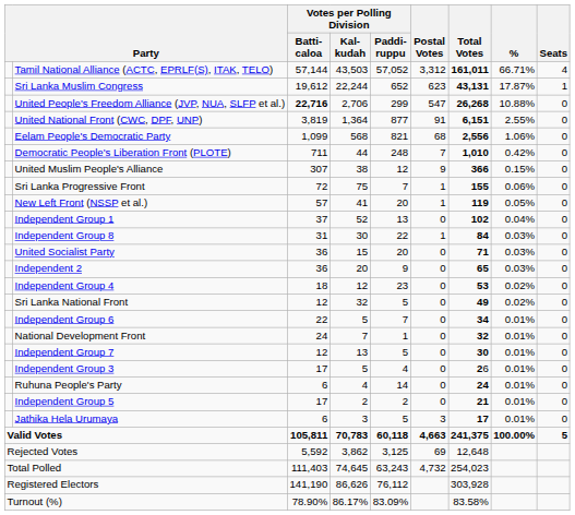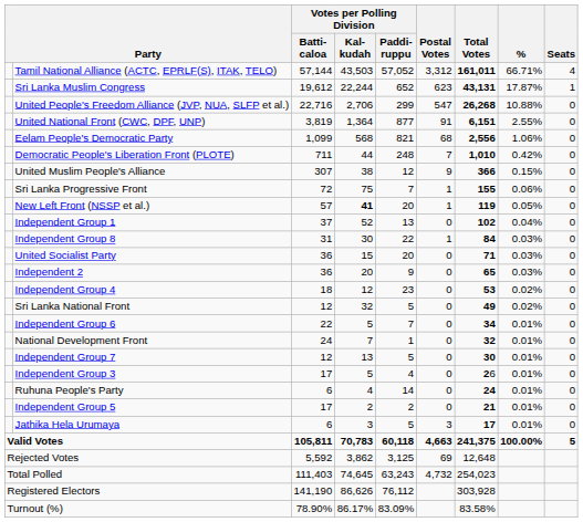 <table class="wikitable" border="1" style="text-align:right;">
 <tr>
 <th align=left valign=bottom rowspan=2 colspan=2>Party</th>
 <th colspan=3>Votes per Polling Division</th>
 <th align=center valign=bottom rowspan=2 width="50">Postal<br>Votes</th>
 <th align=center valign=bottom rowspan=2 width="50">Total Votes</th>
 <th align=center valign=bottom rowspan=2 width="50">%</th>
 <th align=center valign=bottom rowspan=2 width="40">Seats</th>
 </tr>
 <tr>
 <th align=center valign=bottom width="50">Batti-<br>caloa</th>
 <th align=center valign=bottom width="50">Kal-<br>kudah</th>
 <th align=center valign=bottom width="50">Paddi-<br>ruppu</th>
 </tr>
 <tr>
 <td bgcolor=> </td>
 <td align=left><a href='#'>Tamil National Alliance</a> (<a href='#'>ACTC</a>, <a href='#'>EPRLF(S)</a>, <a href='#'>ITAK</a>, <a href='#'>TELO</a>)</td>
 <td>57,144</td>
 <td>43,503</td>
 <td>57,052</td>
 <td>3,312</td>
 <td><strong>161,011</strong></td>
 <td>66.71%</td>
 <td>4</td>
 </tr>
 <tr>
 <td bgcolor=> </td>
 <td align=left><a href='#'>Sri Lanka Muslim Congress</a></td>
 <td>19,612</td>
 <td>22,244</td>
 <td>652</td>
 <td>623</td>
 <td><strong>43,131</strong></td>
 <td>17.87%</td>
 <td>1</td>
 </tr>
 <tr>
 <td bgcolor=> </td>
 <td align=left><a href='#'>United People's Freedom Alliance</a> (<a href='#'>JVP</a>, <a href='#'>NUA</a>, <a href='#'>SLFP</a> et al.)</td>
-<td><strong>22,716</strong></td>
+<td>22,716</td>
 <td>2,706</td>
 <td>299</td>
 <td>547</td>
 <td><strong>26,268</strong></td>
 <td>10.88%</td>
 <td>0</td>
 </tr>
 <tr>
 <td bgcolor=> </td>
 <td align=left><a href='#'>United National Front</a> (<a href='#'>CWC</a>, <a href='#'>DPF</a>, <a href='#'>UNP</a>)</td>
 <td>3,819</td>
 <td>1,364</td>
 <td>877</td>
 <td>91</td>
 <td><strong>6,151</strong></td>
 <td>2.55%</td>
 <td>0</td>
 </tr>
 <tr>
 <td bgcolor=> </td>
 <td align=left><a href='#'>Eelam People's Democratic Party</a></td>
 <td>1,099</td>
 <td>568</td>
 <td>821</td>
 <td>68</td>
 <td><strong>2,556</strong></td>
 <td>1.06%</td>
 <td>0</td>
 </tr>
 <tr>
 <td bgcolor=> </td>
 <td align=left><a href='#'>Democratic People's Liberation Front</a> (<a href='#'>PLOTE</a>)</td>
 <td>711</td>
 <td>44</td>
 <td>248</td>
 <td>7</td>
 <td><strong>1,010</strong></td>
 <td>0.42%</td>
 <td>0</td>
 </tr>
 <tr>
 <td></td>
 <td align=left>United Muslim People's Alliance</td>
 <td>307</td>
 <td>38</td>
 <td>12</td>
 <td>9</td>
 <td><strong>366</strong></td>
 <td>0.15%</td>
 <td>0</td>
 </tr>
 <tr>
 <td></td>
 <td align=left>Sri Lanka Progressive Front</td>
 <td>72</td>
 <td>75</td>
 <td>7</td>
 <td>1</td>
 <td><strong>155</strong></td>
 <td>0.06%</td>
 <td>0</td>
 </tr>
 <tr>
 <td bgcolor=> </td>
 <td align=left><a href='#'>New Left Front</a> (<a href='#'>NSSP</a> et al.)</td>
 <td>57</td>
-<td>41</td>
+<td><strong>41</strong></td>
 <td>20</td>
 <td>1</td>
 <td><strong>119</strong></td>
 <td>0.05%</td>
 <td>0</td>
 </tr>
 <tr>
 <td bgcolor=> </td>
 <td align=left><a href='#'>Independent Group 1</a></td>
 <td>37</td>
 <td>52</td>
 <td>13</td>
 <td>0</td>
 <td><strong>102</strong></td>
 <td>0.04%</td>
 <td>0</td>
 </tr>
 <tr>
 <td bgcolor=> </td>
 <td align=left><a href='#'>Independent Group 8</a></td>
 <td>31</td>
 <td>30</td>
 <td>22</td>
 <td>1</td>
 <td><strong>84</strong></td>
 <td>0.03%</td>
 <td>0</td>
 </tr>
 <tr>
 <td></td>
 <td align=left><a href='#'>United Socialist Party</a></td>
 <td>36</td>
 <td>15</td>
 <td>20</td>
 <td>0</td>
 <td><strong>71</strong></td>
 <td>0.03%</td>
 <td>0</td>
 </tr>
 <tr>
 <td></td>
 <td align=left><a href='#'>Independent 2</a></td>
 <td>36</td>
 <td>20</td>
 <td>9</td>
 <td>0</td>
 <td><strong>65</strong></td>
 <td>0.03%</td>
 <td>0</td>
 </tr>
 <tr>
 <td bgcolor=> </td>
 <td align=left><a href='#'>Independent Group 4</a></td>
 <td>18</td>
 <td>12</td>
 <td>23</td>
 <td>0</td>
 <td><strong>53</strong></td>
 <td>0.02%</td>
 <td>0</td>
 </tr>
 <tr>
 <td></td>
 <td align=left>Sri Lanka National Front</td>
 <td>12</td>
 <td>32</td>
 <td>5</td>
 <td>0</td>
 <td><strong>49</strong></td>
 <td>0.02%</td>
 <td>0</td>
 </tr>
 <tr>
 <td bgcolor=> </td>
 <td align=left><a href='#'>Independent Group 6</a></td>
 <td>22</td>
 <td>5</td>
 <td>7</td>
 <td>0</td>
 <td><strong>34</strong></td>
 <td>0.01%</td>
 <td>0</td>
 </tr>
 <tr>
 <td></td>
 <td align=left>National Development Front</td>
 <td>24</td>
 <td>7</td>
 <td>1</td>
 <td>0</td>
 <td><strong>32</strong></td>
 <td>0.01%</td>
 <td>0</td>
 </tr>
 <tr>
 <td bgcolor=> </td>
 <td align=left><a href='#'>Independent Group 7</a></td>
 <td>12</td>
 <td>13</td>
 <td>5</td>
 <td>0</td>
 <td><strong>30</strong></td>
 <td>0.01%</td>
 <td>0</td>
 </tr>
 <tr>
 <td bgcolor=> </td>
 <td align=left><a href='#'>Independent Group 3</a></td>
 <td>17</td>
 <td>5</td>
 <td>4</td>
 <td>0</td>
 <td><strong>2</strong>6</td>
 <td>0.01%</td>
 <td>0</td>
 </tr>
 <tr>
 <td></td>
 <td align=left>Ruhuna People's Party</td>
 <td>6</td>
 <td>4</td>
 <td>14</td>
 <td>0</td>
 <td><strong>24</strong></td>
 <td>0.01%</td>
 <td>0</td>
 </tr>
 <tr>
 <td bgcolor=> </td>
 <td align=left><a href='#'>Independent Group 5</a></td>
 <td>17</td>
 <td>2</td>
 <td>2</td>
 <td>0</td>
 <td><strong>21</strong></td>
 <td>0.01%</td>
 <td>0</td>
 </tr>
 <tr>
 <td bgcolor=> </td>
 <td align=left><a href='#'>Jathika Hela Urumaya</a></td>
 <td>6</td>
 <td>3</td>
 <td>5</td>
 <td>3</td>
 <td><strong>17</strong></td>
 <td>0.01%</td>
 <td>0</td>
 </tr>
 <tr>
 <td align=left colspan=2><strong>Valid Votes</strong></td>
 <td><strong>105,811</strong></td>
 <td><strong>70,783</strong></td>
 <td><strong>60,118</strong></td>
 <td><strong>4,663</strong></td>
 <td><strong>241,375</strong></td>
 <td><strong>100.00%</strong></td>
 <td><strong>5</strong></td>
 </tr>
 <tr>
 <td align=left colspan=2>Rejected Votes</td>
 <td>5,592</td>
 <td>3,862</td>
 <td>3,125</td>
 <td>69</td>
 <td>12,648</td>
 <td></td>
 <td></td>
 </tr>
 <tr>
 <td align=left colspan=2>Total Polled</td>
 <td>111,403</td>
 <td>74,645</td>
 <td>63,243</td>
 <td>4,732</td>
 <td>254,023</td>
 <td></td>
 <td></td>
 </tr>
 <tr>
 <td align=left colspan=2>Registered Electors</td>
 <td>141,190</td>
 <td>86,626</td>
 <td>76,112</td>
 <td></td>
 <td>303,928</td>
 <td></td>
 <td></td>
 </tr>
 <tr>
 <td align=left colspan=2>Turnout (%)</td>
 <td>78.90%</td>
 <td>86.17%</td>
 <td>83.09%</td>
 <td></td>
 <td>83.58%</td>
 <td></td>
 <td></td>
 </tr>
 </table>
